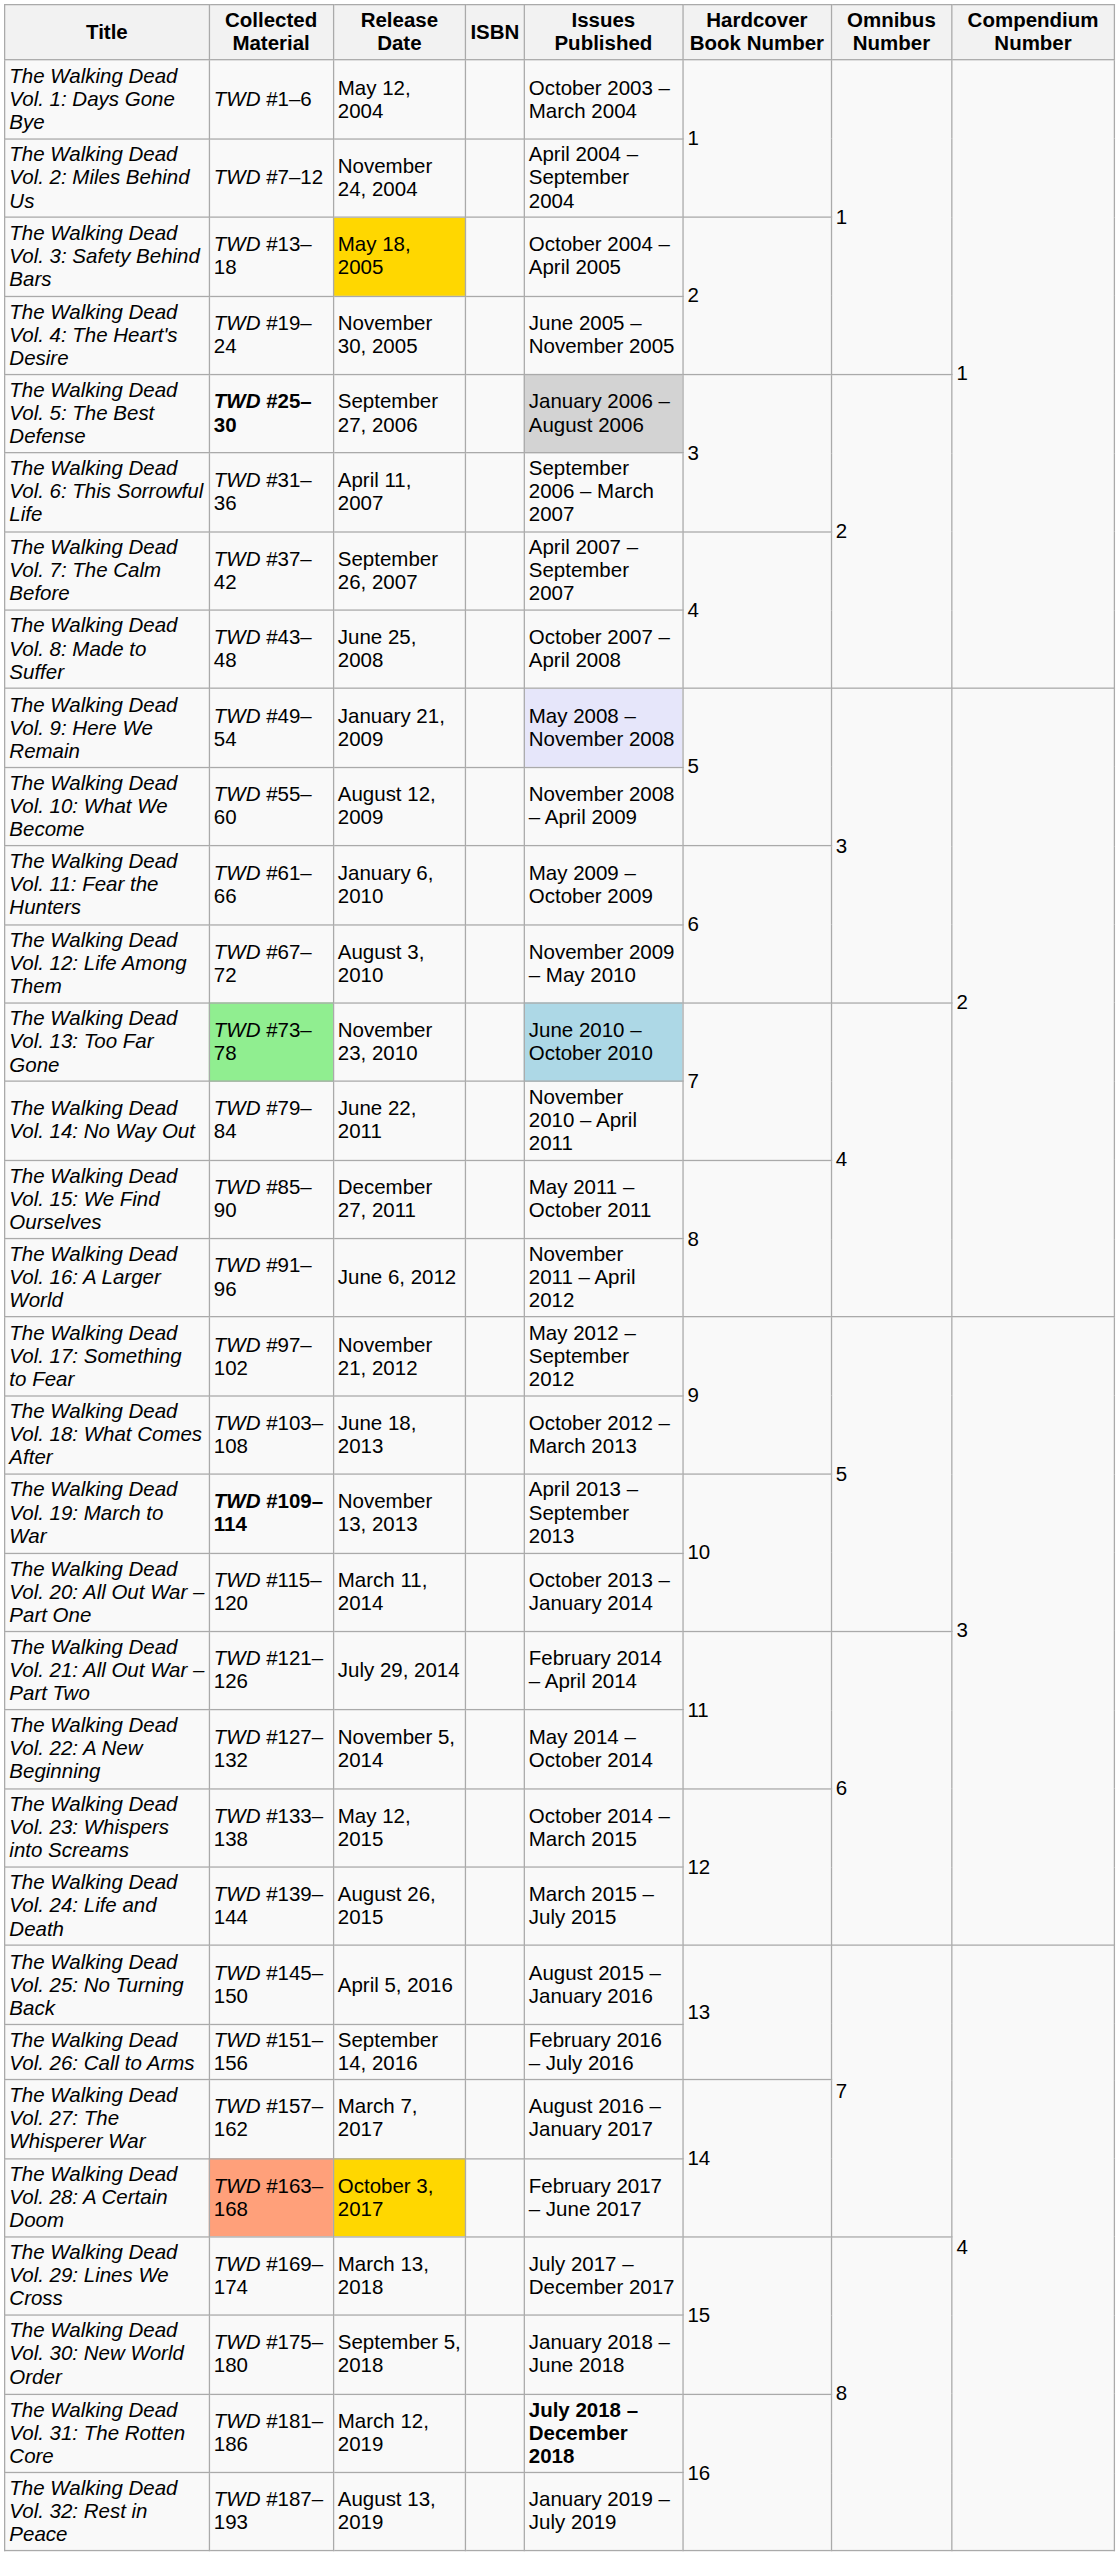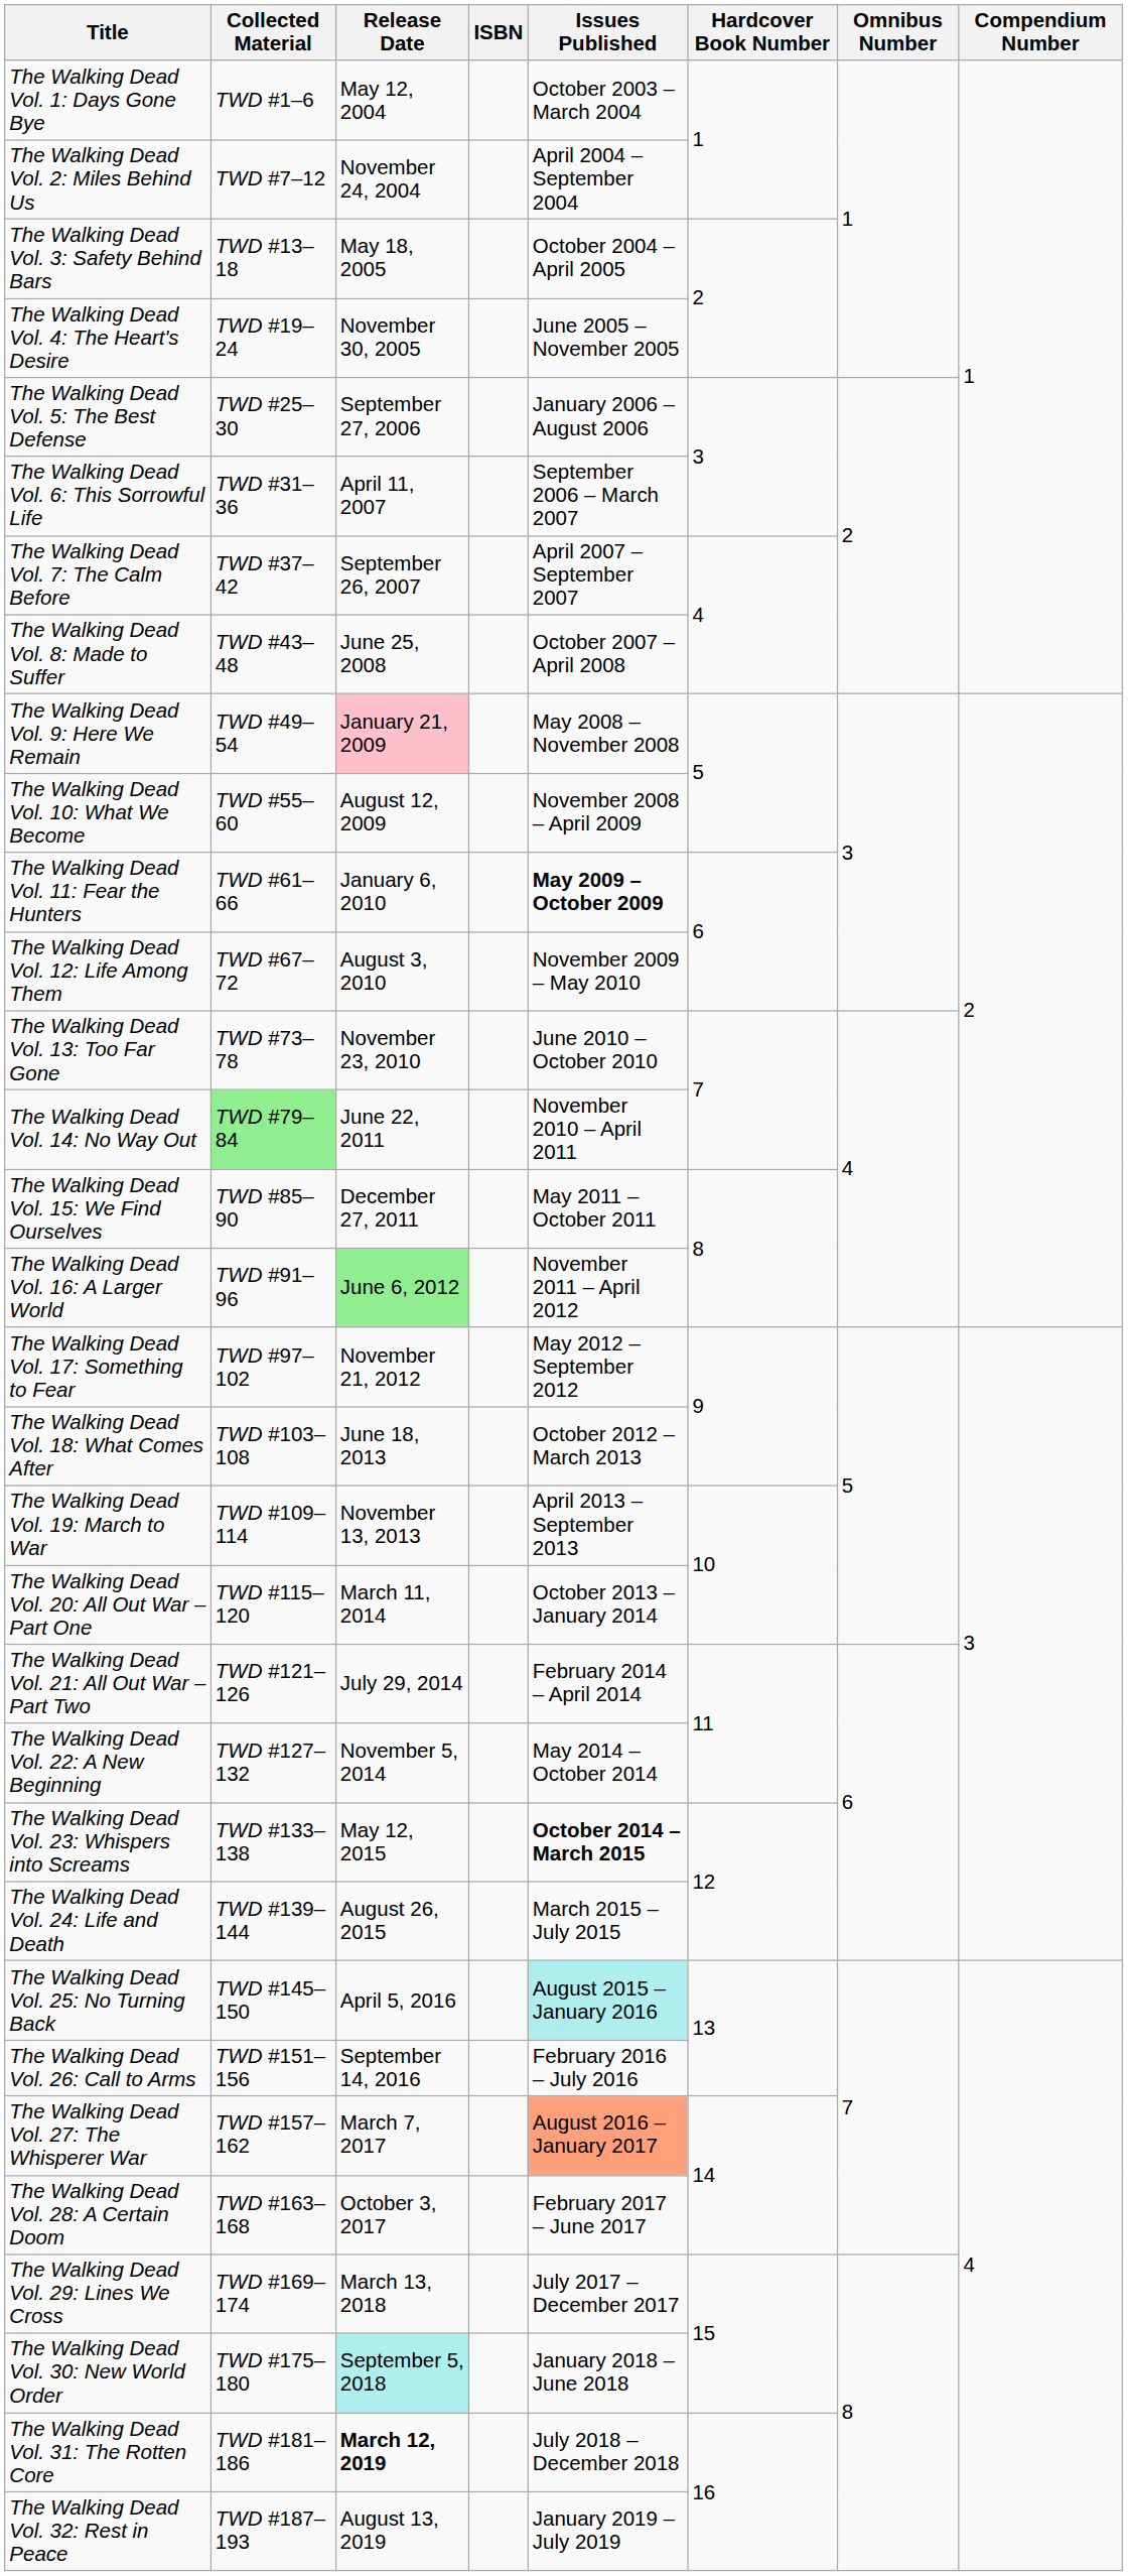 <table class="wikitable">
 <tr>
 <th>Title</th>
 <th>Collected Material</th>
 <th>Release Date</th>
 <th>ISBN</th>
 <th>Issues Published</th>
 <th>Hardcover Book Number</th>
 <th>Omnibus Number</th>
 <th>Compendium Number</th>
 </tr>
 <tr>
 <td><em>The Walking Dead Vol. 1: Days Gone Bye</em></td>
 <td><em>TWD</em> #1–6</td>
 <td>May 12, 2004</td>
 <td></td>
 <td>October 2003 – March 2004</td>
 <td rowspan="2">1</td>
 <td rowspan="4">1</td>
 <td rowspan="8">1</td>
 </tr>
 <tr>
 <td><em>The Walking Dead Vol. 2: Miles Behind Us</em></td>
 <td><em>TWD</em> #7–12</td>
 <td>November 24, 2004</td>
 <td></td>
 <td>April 2004 – September 2004</td>
 </tr>
 <tr>
 <td><em>The Walking Dead Vol. 3: Safety Behind Bars</em></td>
 <td><em>TWD</em> #13–18</td>
-<td style="background: gold;">May 18, 2005</td>
+<td>May 18, 2005</td>
 <td></td>
 <td>October 2004 – April 2005</td>
 <td rowspan="2">2</td>
 </tr>
 <tr>
 <td><em>The Walking Dead Vol. 4: The Heart's Desire</em></td>
 <td><em>TWD</em> #19–24</td>
 <td>November 30, 2005</td>
 <td></td>
 <td>June 2005 – November 2005</td>
 </tr>
 <tr>
 <td><em>The Walking Dead Vol. 5: The Best Defense</em></td>
-<td><strong><em>TWD</em> #25–30</strong></td>
+<td><em>TWD</em> #25–30</td>
 <td>September 27, 2006</td>
 <td></td>
-<td style="background: lightgrey;">January 2006 – August 2006</td>
+<td>January 2006 – August 2006</td>
 <td rowspan="2">3</td>
 <td rowspan="4">2</td>
 </tr>
 <tr>
 <td><em>The Walking Dead Vol. 6: This Sorrowful Life</em></td>
 <td><em>TWD</em> #31–36</td>
 <td>April 11, 2007</td>
 <td></td>
 <td>September 2006 – March 2007</td>
 </tr>
 <tr>
 <td><em>The Walking Dead Vol. 7: The Calm Before</em></td>
 <td><em>TWD</em> #37–42</td>
 <td>September 26, 2007</td>
 <td></td>
 <td>April 2007 – September 2007</td>
 <td rowspan="2">4</td>
 </tr>
 <tr>
 <td><em>The Walking Dead Vol. 8: Made to Suffer</em></td>
 <td><em>TWD</em> #43–48</td>
 <td>June 25, 2008</td>
 <td></td>
 <td>October 2007 – April 2008</td>
 </tr>
 <tr>
 <td><em>The Walking Dead Vol. 9: Here We Remain</em></td>
 <td><em>TWD</em> #49–54</td>
-<td>January 21, 2009</td>
+<td style="background: pink;">January 21, 2009</td>
 <td></td>
-<td style="background: lavender;">May 2008 – November 2008</td>
+<td>May 2008 – November 2008</td>
 <td rowspan="2">5</td>
 <td rowspan="4">3</td>
 <td rowspan="8">2</td>
 </tr>
 <tr>
 <td><em>The Walking Dead Vol. 10: What We Become</em></td>
 <td><em>TWD</em> #55–60</td>
 <td>August 12, 2009</td>
 <td></td>
 <td>November 2008 – April 2009</td>
 </tr>
 <tr>
 <td><em>The Walking Dead Vol. 11: Fear the Hunters</em></td>
 <td><em>TWD</em> #61–66</td>
 <td>January 6, 2010</td>
 <td></td>
-<td>May 2009 – October 2009</td>
+<td><strong>May 2009 – October 2009</strong></td>
 <td rowspan="2">6</td>
 </tr>
 <tr>
 <td><em>The Walking Dead Vol. 12: Life Among Them</em></td>
 <td><em>TWD</em> #67–72</td>
 <td>August 3, 2010</td>
 <td></td>
 <td>November 2009 – May 2010</td>
 </tr>
 <tr>
 <td><em>The Walking Dead Vol. 13: Too Far Gone</em></td>
-<td style="background: lightgreen;"><em>TWD</em> #73–78</td>
+<td><em>TWD</em> #73–78</td>
 <td>November 23, 2010</td>
 <td></td>
-<td style="background: lightblue;">June 2010 – October 2010</td>
+<td>June 2010 – October 2010</td>
 <td rowspan="2">7</td>
 <td rowspan="4">4</td>
 </tr>
 <tr>
 <td><em>The Walking Dead Vol. 14: No Way Out</em></td>
-<td><em>TWD</em> #79–84</td>
+<td style="background: lightgreen;"><em>TWD</em> #79–84</td>
 <td>June 22, 2011</td>
 <td></td>
 <td>November 2010 – April 2011</td>
 </tr>
 <tr>
 <td><em>The Walking Dead Vol. 15: We Find Ourselves</em></td>
 <td><em>TWD</em> #85–90</td>
 <td>December 27, 2011</td>
 <td></td>
 <td>May 2011 – October 2011</td>
 <td rowspan="2">8</td>
 </tr>
 <tr>
 <td><em>The Walking Dead Vol. 16: A Larger World</em></td>
 <td><em>TWD</em> #91–96</td>
-<td>June 6, 2012</td>
+<td style="background: lightgreen;">June 6, 2012</td>
 <td></td>
 <td>November 2011 – April 2012</td>
 </tr>
 <tr>
 <td><em>The Walking Dead Vol. 17: Something to Fear</em></td>
 <td><em>TWD</em> #97–102</td>
 <td>November 21, 2012</td>
 <td></td>
 <td>May 2012 – September 2012</td>
 <td rowspan="2">9</td>
 <td rowspan="4">5</td>
 <td rowspan="8">3</td>
 </tr>
 <tr>
 <td><em>The Walking Dead Vol. 18: What Comes After</em></td>
 <td><em>TWD</em> #103–108</td>
 <td>June 18, 2013</td>
 <td></td>
 <td>October 2012 – March 2013</td>
 </tr>
 <tr>
 <td><em>The Walking Dead Vol. 19: March to War</em></td>
-<td><strong><em>TWD</em> #109–114</strong></td>
+<td><em>TWD</em> #109–114</td>
 <td>November 13, 2013</td>
 <td></td>
 <td>April 2013 – September 2013</td>
 <td rowspan="2">10</td>
 </tr>
 <tr>
 <td><em>The Walking Dead Vol. 20: All Out War – Part One</em></td>
 <td><em>TWD</em> #115–120</td>
 <td>March 11, 2014</td>
 <td></td>
 <td>October 2013 – January 2014</td>
 </tr>
 <tr>
 <td><em>The Walking Dead Vol. 21: All Out War – Part Two</em></td>
 <td><em>TWD</em> #121–126</td>
 <td>July 29, 2014</td>
 <td></td>
 <td>February 2014 – April 2014</td>
 <td rowspan="2">11</td>
 <td rowspan="4">6</td>
 </tr>
 <tr>
 <td><em>The Walking Dead Vol. 22: A New Beginning</em></td>
 <td><em>TWD</em> #127–132</td>
 <td>November 5, 2014</td>
 <td></td>
 <td>May 2014 – October 2014</td>
 </tr>
 <tr>
 <td><em>The Walking Dead Vol. 23: Whispers into Screams</em></td>
 <td><em>TWD</em> #133–138</td>
 <td>May 12, 2015</td>
 <td></td>
-<td>October 2014 – March 2015</td>
+<td><strong>October 2014 – March 2015</strong></td>
 <td rowspan="2">12</td>
 </tr>
 <tr>
 <td><em>The Walking Dead Vol. 24: Life and Death</em></td>
 <td><em>TWD</em> #139–144</td>
 <td>August 26, 2015</td>
 <td></td>
 <td>March 2015 – July 2015</td>
 </tr>
 <tr>
 <td><em>The Walking Dead Vol. 25: No Turning Back</em></td>
 <td><em>TWD</em> #145–150</td>
 <td>April 5, 2016</td>
 <td></td>
-<td>August 2015 – January 2016</td>
+<td style="background: paleturquoise;">August 2015 – January 2016</td>
 <td rowspan="2">13</td>
 <td rowspan="4">7</td>
 <td rowspan="8">4</td>
 </tr>
 <tr>
 <td><em>The Walking Dead Vol. 26: Call to Arms</em></td>
 <td><em>TWD</em> #151–156</td>
 <td>September 14, 2016</td>
 <td></td>
 <td>February 2016 – July 2016</td>
 </tr>
 <tr>
 <td><em>The Walking Dead Vol. 27: The Whisperer War</em></td>
 <td><em>TWD</em> #157–162</td>
 <td>March 7, 2017</td>
 <td></td>
-<td>August 2016 – January 2017</td>
+<td style="background: lightsalmon;">August 2016 – January 2017</td>
 <td rowspan="2">14</td>
 </tr>
 <tr>
 <td><em>The Walking Dead Vol. 28: A Certain Doom</em></td>
-<td style="background: lightsalmon;"><em>TWD</em> #163–168</td>
-<td style="background: gold;">October 3, 2017</td>
+<td><em>TWD</em> #163–168</td>
+<td>October 3, 2017</td>
 <td></td>
 <td>February 2017 – June 2017</td>
 </tr>
 <tr>
 <td><em>The Walking Dead Vol. 29: Lines We Cross</em></td>
 <td><em>TWD</em> #169–174</td>
 <td>March 13, 2018</td>
 <td></td>
 <td>July 2017 – December 2017</td>
 <td rowspan="2">15</td>
 <td rowspan="4">8</td>
 </tr>
 <tr>
 <td><em>The Walking Dead Vol. 30: New World Order</em></td>
 <td><em>TWD</em> #175–180</td>
-<td>September 5, 2018</td>
+<td style="background: paleturquoise;">September 5, 2018</td>
 <td></td>
 <td>January 2018 – June 2018</td>
 </tr>
 <tr>
 <td><em>The Walking Dead Vol. 31: The Rotten Core</em></td>
 <td><em>TWD</em> #181–186</td>
-<td>March 12, 2019</td>
+<td><strong>March 12, 2019</strong></td>
 <td></td>
-<td><strong>July 2018 – December 2018</strong></td>
+<td>July 2018 – December 2018</td>
 <td rowspan="2">16</td>
 </tr>
 <tr>
 <td><em>The Walking Dead Vol. 32: Rest in Peace</em></td>
 <td><em>TWD</em> #187–193</td>
 <td>August 13, 2019</td>
 <td></td>
 <td>January 2019 – July 2019</td>
 </tr>
 </table>
